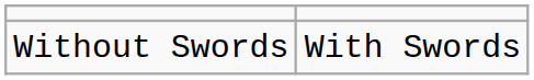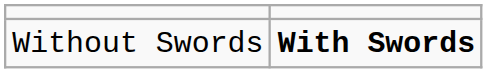 <table class="wikitable">
 <tr>
 <td></td>
 <td></td>
 </tr>
 <tr>
 <td>Without Swords</td>
-<td>With Swords</td>
+<td><strong>With Swords</strong></td>
 </tr>
 </table>
